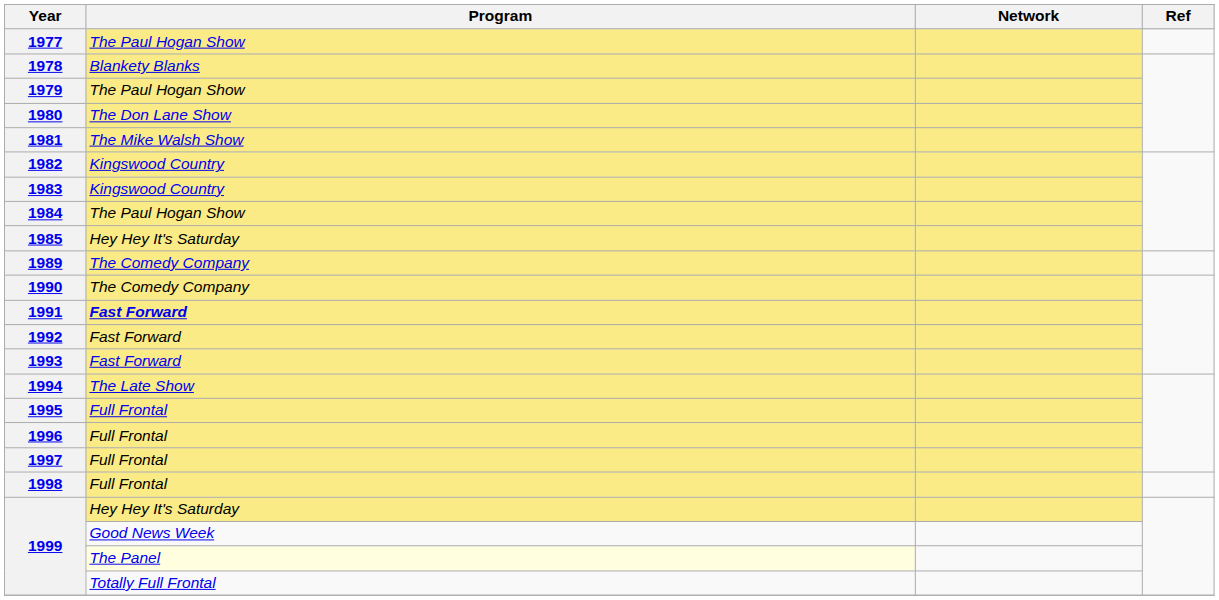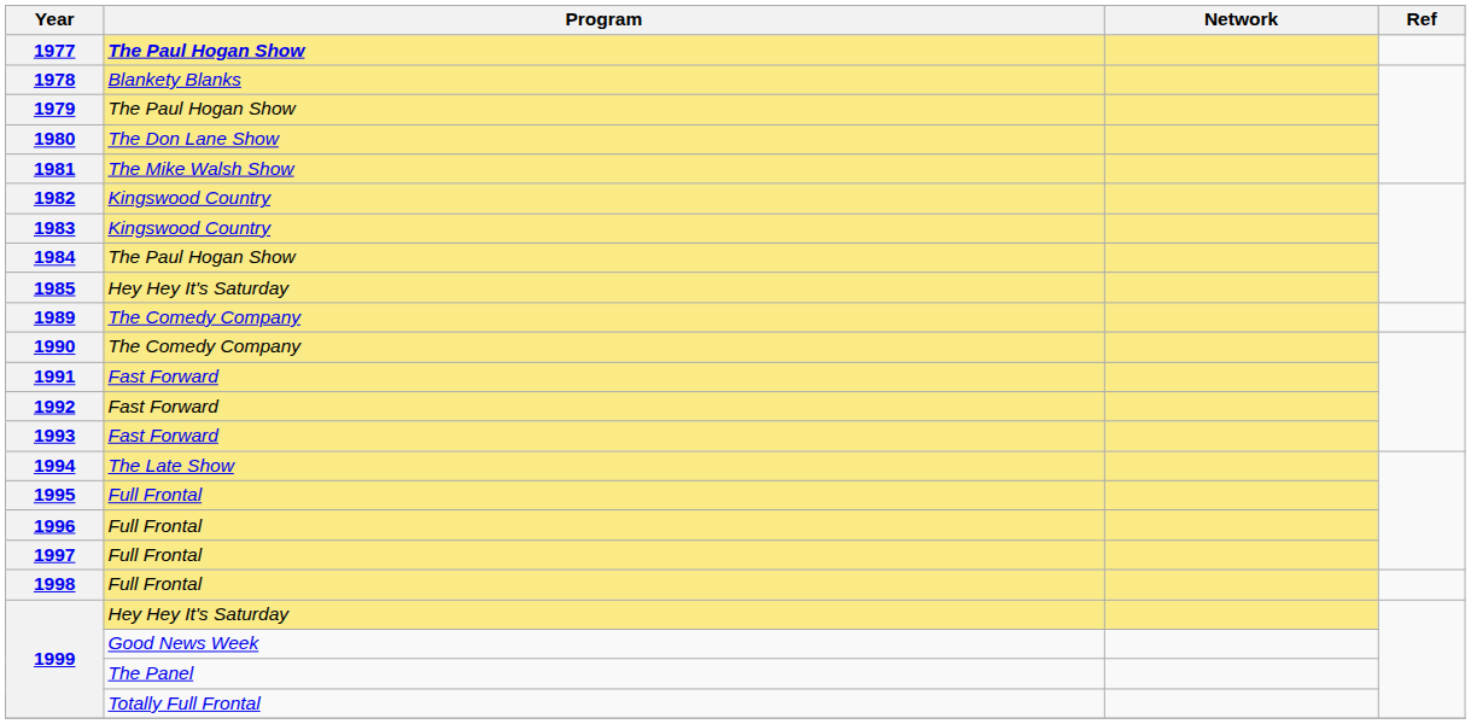 <table class="wikitable sortable">
 <tr style="background:#bebebe;">
 <th scope="col" style="width:1%;">Year</th>
 <th scope="col" style="width:16%;">Program</th>
 <th scope="col" style="width:4%;">Network</th>
 <th scope="col" style="width:1%;" class="unsortable">Ref</th>
 </tr>
 <tr>
 <th scope="row" style="text-align:center"><a href='#'>1977</a></th>
-<td style="background:#FAEB86"><em><a href='#'>The Paul Hogan Show</a></em></td>
+<td style="background:#FAEB86"><strong><em><a href='#'>The Paul Hogan Show</a></em></strong></td>
 <td style="background:#FAEB86"></td>
 <td></td>
 </tr>
 <tr>
 <th scope="row" style="text-align:center"><a href='#'>1978</a></th>
 <td style="background:#FAEB86"><em><a href='#'>Blankety Blanks</a></em></td>
 <td style="background:#FAEB86"></td>
 <td rowspan="4"></td>
 </tr>
 <tr>
 <th scope="row" style="text-align:center"><a href='#'>1979</a></th>
 <td style="background:#FAEB86"><em>The Paul Hogan Show</em></td>
 <td style="background:#FAEB86"></td>
 </tr>
 <tr>
 <th scope="row" style="text-align:center"><a href='#'>1980</a></th>
 <td style="background:#FAEB86"><em><a href='#'>The Don Lane Show</a></em></td>
 <td style="background:#FAEB86"></td>
 </tr>
 <tr>
 <th scope="row" style="text-align:center"><a href='#'>1981</a></th>
 <td style="background:#FAEB86"><em><a href='#'>The Mike Walsh Show</a></em></td>
 <td style="background:#FAEB86"></td>
 </tr>
 <tr>
 <th scope="row" style="text-align:center"><a href='#'>1982</a></th>
 <td style="background:#FAEB86"><em><a href='#'>Kingswood Country</a></em></td>
 <td style="background:#FAEB86"></td>
 <td rowspan="4"></td>
 </tr>
 <tr>
 <th scope="row" style="text-align:center"><a href='#'>1983</a></th>
 <td style="background:#FAEB86"><em><a href='#'>Kingswood Country</a></em></td>
 <td style="background:#FAEB86"></td>
 </tr>
 <tr>
 <th scope="row" style="text-align:center"><a href='#'>1984</a></th>
 <td style="background:#FAEB86"><em>The Paul Hogan Show</em></td>
 <td style="background:#FAEB86"></td>
 </tr>
 <tr>
 <th scope="row" style="text-align:center"><a href='#'>1985</a></th>
 <td style="background:#FAEB86"><em>Hey Hey It's Saturday</em></td>
 <td style="background:#FAEB86"></td>
 </tr>
 <tr>
 <th scope="row" style="text-align:center"><a href='#'>1989</a></th>
 <td style="background:#FAEB86"><em><a href='#'>The Comedy Company</a></em></td>
 <td style="background:#FAEB86"></td>
 <td rowspan="1"></td>
 </tr>
 <tr>
 <th scope="row" style="text-align:center"><a href='#'>1990</a></th>
 <td style="background:#FAEB86"><em>The Comedy Company</em></td>
 <td style="background:#FAEB86"></td>
 <td rowspan="4"></td>
 </tr>
 <tr>
 <th scope="row" style="text-align:center"><a href='#'>1991</a></th>
-<td style="background:#FAEB86"><strong><em><a href='#'>Fast Forward</a></em></strong></td>
+<td style="background:#FAEB86"><em><a href='#'>Fast Forward</a></em></td>
 <td style="background:#FAEB86"></td>
 </tr>
 <tr>
 <th scope="row" style="text-align:center"><a href='#'>1992</a></th>
 <td style="background:#FAEB86"><em>Fast Forward</em></td>
 <td style="background:#FAEB86"></td>
 </tr>
 <tr>
 <th scope="row" style="text-align:center"><a href='#'>1993</a></th>
 <td style="background:#FAEB86"><em><a href='#'>Fast Forward</a></em></td>
 <td style="background:#FAEB86"></td>
 </tr>
 <tr>
 <th scope="row" style="text-align:center"><a href='#'>1994</a></th>
 <td style="background:#FAEB86"><em><a href='#'>The Late Show</a></em></td>
 <td style="background:#FAEB86"></td>
 <td rowspan="4"></td>
 </tr>
 <tr>
 <th scope="row" style="text-align:center"><a href='#'>1995</a></th>
 <td style="background:#FAEB86"><em><a href='#'>Full Frontal</a></em></td>
 <td style="background:#FAEB86"></td>
 </tr>
 <tr>
 <th scope="row" style="text-align:center"><a href='#'>1996</a></th>
 <td style="background:#FAEB86"><em>Full Frontal</em></td>
 <td style="background:#FAEB86"></td>
 </tr>
 <tr>
 <th scope="row" style="text-align:center"><a href='#'>1997</a></th>
 <td style="background:#FAEB86"><em>Full Frontal</em></td>
 <td style="background:#FAEB86"></td>
 </tr>
 <tr>
 <th scope="row" style="text-align:center"><a href='#'>1998</a></th>
 <td style="background:#FAEB86"><em>Full Frontal</em></td>
 <td style="background:#FAEB86"></td>
 <td></td>
 </tr>
 <tr>
 <th scope="row" rowspan="4" style="text-align:center"><a href='#'>1999</a></th>
 <td style="background:#FAEB86"><em>Hey Hey It's Saturday</em></td>
 <td style="background:#FAEB86"></td>
 <td rowspan="4"></td>
 </tr>
 <tr>
 <td><em><a href='#'>Good News Week</a></em></td>
 <td></td>
 </tr>
 <tr>
-<td style="background: lightyellow;"><em><a href='#'>The Panel</a></em></td>
+<td><em><a href='#'>The Panel</a></em></td>
 <td></td>
 </tr>
 <tr>
 <td><em><a href='#'>Totally Full Frontal</a></em></td>
 <td></td>
 </tr>
 <tr>
 </tr>
 </table>
